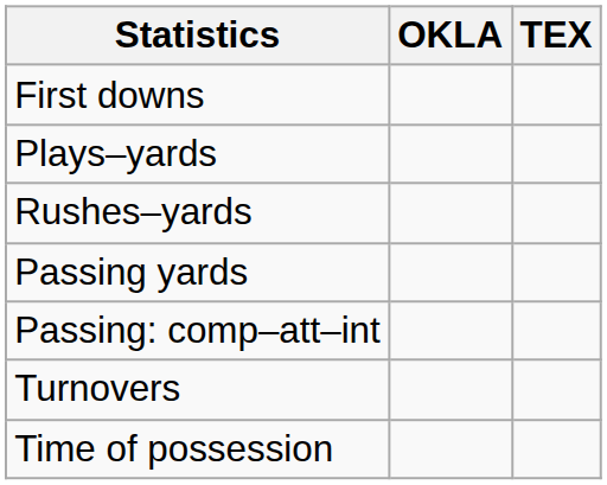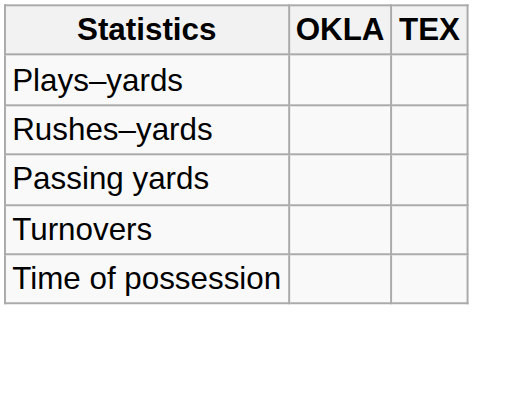 <table class="wikitable" style="float:left">
 <tr>
 <th>Statistics</th>
 <th>OKLA</th>
 <th>TEX</th>
-</tr>
-<tr>
-<td>First downs</td>
-<td></td>
-<td></td>
 </tr>
 <tr>
 <td>Plays–yards</td>
 <td></td>
 <td></td>
 </tr>
 <tr>
 <td>Rushes–yards</td>
 <td></td>
 <td></td>
 </tr>
 <tr>
 <td>Passing yards</td>
 <td></td>
 <td></td>
 </tr>
 <tr>
-<td>Passing: comp–att–int</td>
-<td></td>
-<td></td>
-</tr>
-<tr>
 <td>Turnovers</td>
 <td></td>
 <td></td>
 </tr>
 <tr>
 <td>Time of possession</td>
 <td></td>
 <td></td>
 </tr>
 </table>
